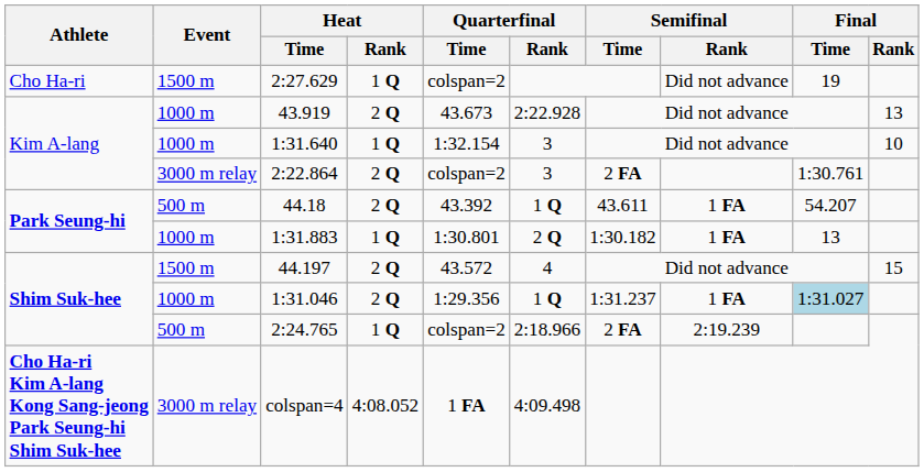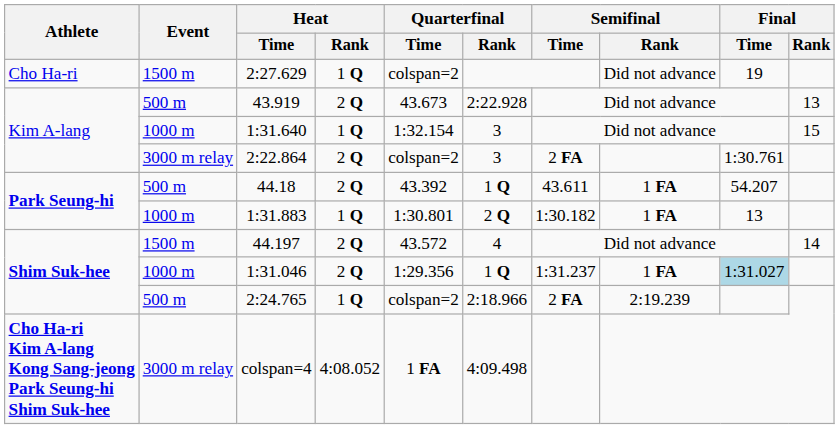 <table class="wikitable" style="font-size:90%">
 <tr>
 <th rowspan=2>Athlete</th>
 <th rowspan=2>Event</th>
 <th colspan=2>Heat</th>
 <th colspan=2>Quarterfinal</th>
 <th colspan=2>Semifinal</th>
 <th colspan=2>Final</th>
 </tr>
 <tr style="font-size:95%">
 <th>Time</th>
 <th>Rank</th>
 <th>Time</th>
 <th>Rank</th>
 <th>Time</th>
 <th>Rank</th>
 <th>Time</th>
 <th>Rank</th>
 </tr>
 <tr align=center>
 <td align=left><a href='#'>Cho Ha-ri</a></td>
 <td align=left><a href='#'>1500 m</a></td>
 <td>2:27.629</td>
 <td>1 <strong>Q</strong></td>
 <td>colspan=2 </td>
 <td colspan=2></td>
 <td>Did not advance</td>
 <td>19</td>
 </tr>
 <tr align=center>
 <td align=left rowspan=3><a href='#'>Kim A-lang</a></td>
-<td align=left><a href='#'>1000 m</a></td>
+<td align=left><a href='#'>500 m</a></td>
 <td>43.919</td>
 <td>2 <strong>Q</strong></td>
 <td>43.673</td>
 <td>2:22.928</td>
 <td colspan=3>Did not advance</td>
 <td>13</td>
 </tr>
 <tr align=center>
 <td align=left><a href='#'>1000 m</a></td>
 <td>1:31.640</td>
 <td>1 <strong>Q</strong></td>
 <td>1:32.154</td>
 <td>3</td>
 <td colspan=3>Did not advance</td>
-<td>10</td>
+<td>15</td>
 </tr>
 <tr align=center>
 <td align=left><a href='#'>3000 m relay</a></td>
 <td>2:22.864</td>
 <td>2 <strong>Q</strong></td>
 <td>colspan=2 </td>
 <td>3</td>
 <td>2 <strong>FA</strong></td>
 <td></td>
 <td>1:30.761</td>
 </tr>
 <tr align=center>
 <td align=left rowspan=2><strong><a href='#'>Park Seung-hi</a></strong></td>
 <td align=left><a href='#'>500 m</a></td>
 <td>44.18</td>
 <td>2 <strong>Q</strong></td>
 <td>43.392</td>
 <td>1 <strong>Q</strong></td>
 <td>43.611</td>
 <td>1 <strong>FA</strong></td>
 <td>54.207</td>
 <td></td>
 </tr>
 <tr align=center>
 <td align=left><a href='#'>1000 m</a></td>
 <td>1:31.883</td>
 <td>1 <strong>Q</strong></td>
 <td>1:30.801</td>
 <td>2 <strong>Q</strong></td>
 <td>1:30.182</td>
 <td>1 <strong>FA</strong></td>
 <td>13</td>
 <td></td>
 </tr>
 <tr align=center>
 <td align=left rowspan=3><strong><a href='#'>Shim Suk-hee</a></strong></td>
 <td align=left><a href='#'>1500 m</a></td>
 <td>44.197</td>
 <td>2 <strong>Q</strong></td>
 <td>43.572</td>
 <td>4</td>
 <td colspan=3>Did not advance</td>
-<td>15</td>
+<td>14</td>
 </tr>
 <tr align=center>
 <td align=left><a href='#'>1000 m</a></td>
 <td>1:31.046</td>
 <td>2 <strong>Q</strong></td>
 <td>1:29.356</td>
 <td>1 <strong>Q</strong></td>
 <td>1:31.237</td>
 <td>1 <strong>FA</strong></td>
 <td style="background: lightblue;">1:31.027</td>
 <td></td>
 </tr>
 <tr align=center>
 <td align=left><a href='#'>500 m</a></td>
 <td>2:24.765</td>
 <td>1 <strong>Q</strong></td>
 <td>colspan=2 </td>
 <td>2:18.966</td>
 <td>2 <strong>FA</strong></td>
 <td>2:19.239</td>
 <td></td>
 </tr>
 <tr align=center>
 <td align=left><strong><a href='#'>Cho Ha-ri</a> <br> <a href='#'>Kim A-lang</a> <br> <a href='#'>Kong Sang-jeong</a> <br><a href='#'>Park Seung-hi</a> <br> <a href='#'>Shim Suk-hee</a></strong></td>
 <td align=left><a href='#'>3000 m relay</a></td>
 <td>colspan=4 </td>
 <td>4:08.052</td>
 <td>1 <strong>FA</strong></td>
 <td>4:09.498</td>
 <td></td>
 </tr>
 </table>
